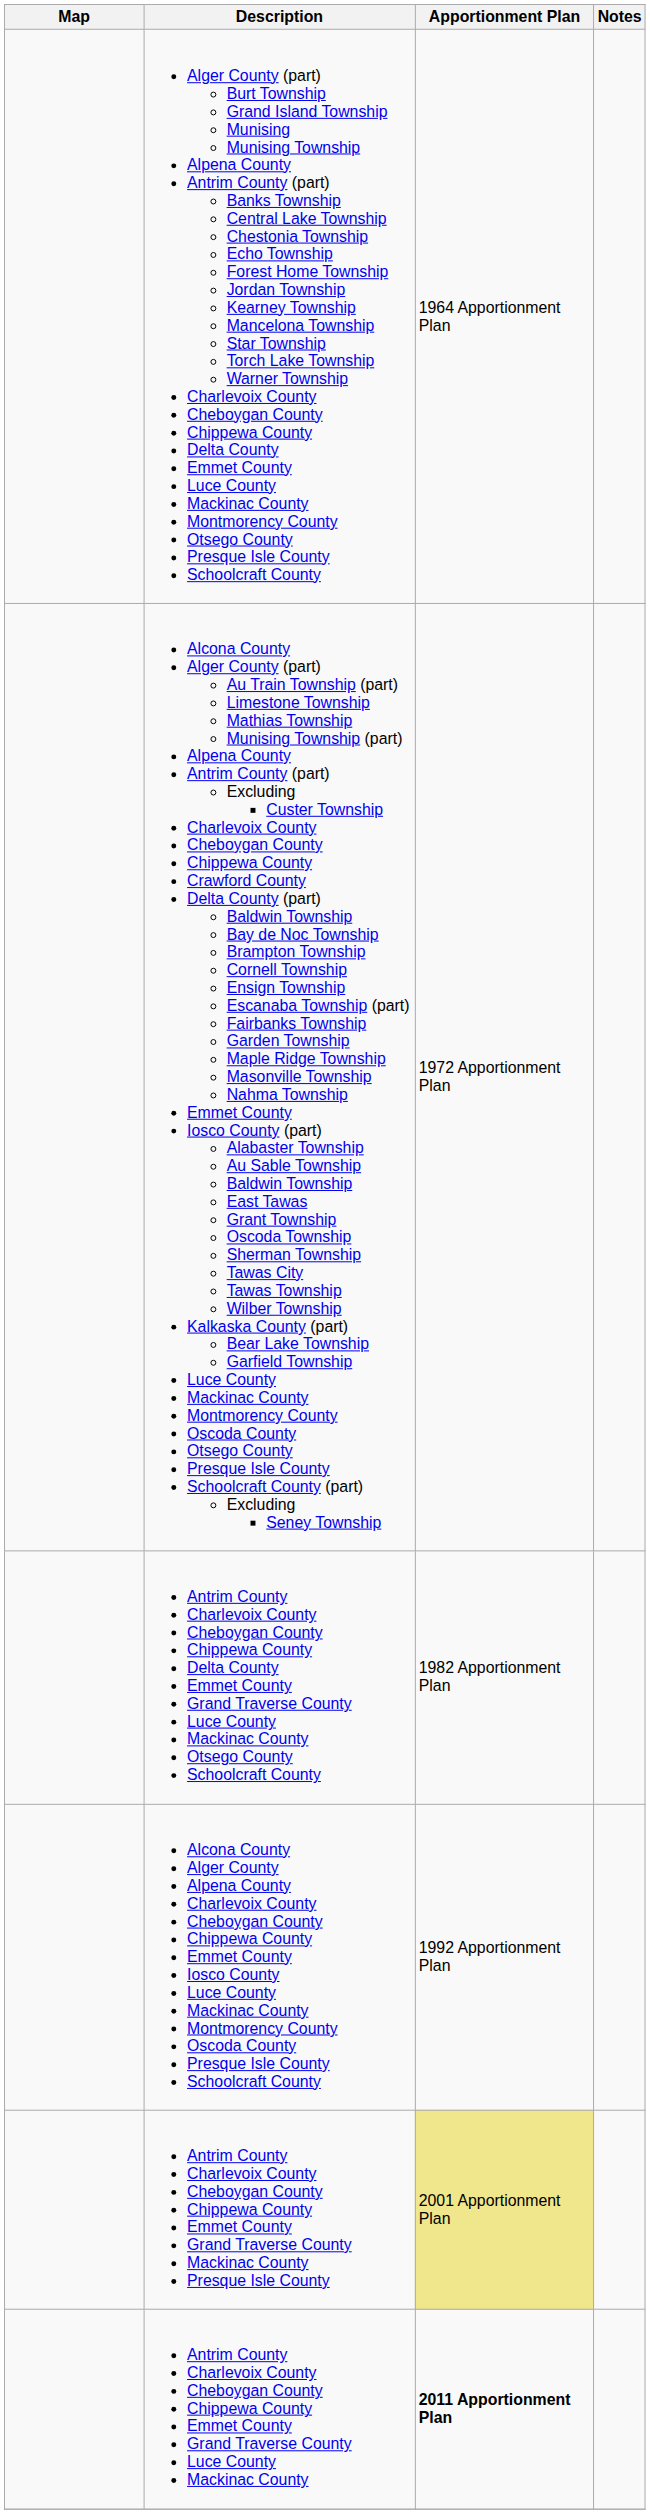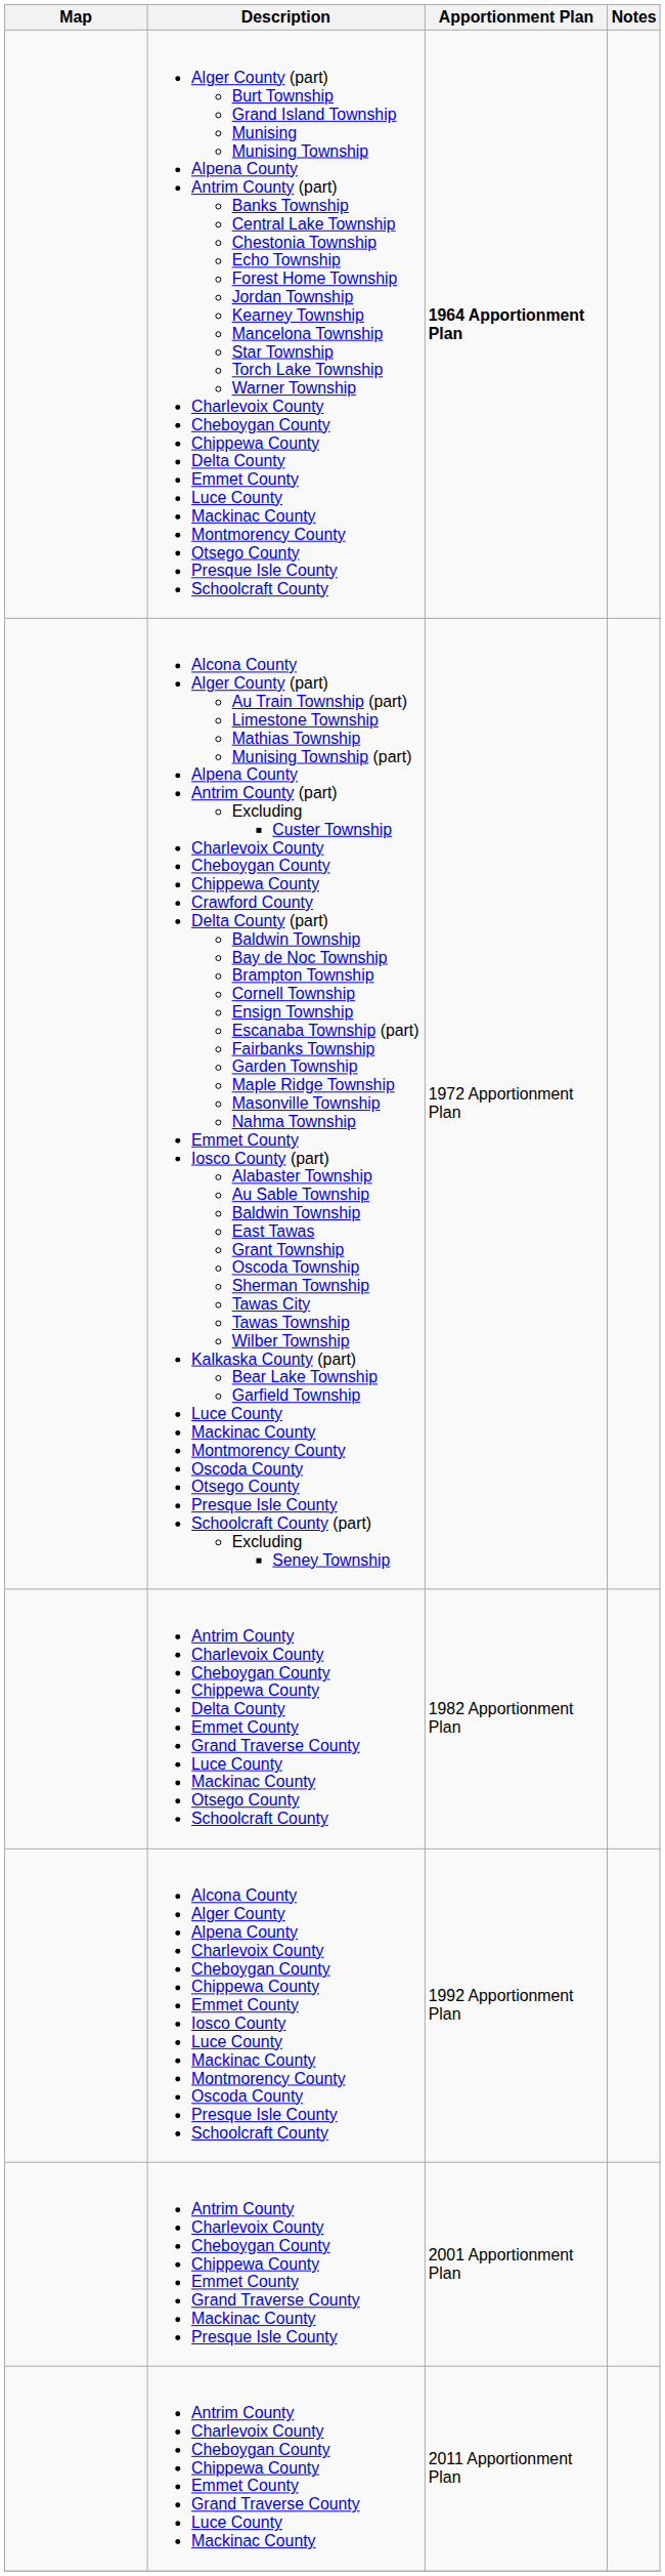 <table class="wikitable sortable">
 <tr>
 <th style="width:100pt;">Map</th>
 <th style="width:200pt;">Description</th>
 <th style="width:130pt;">Apportionment Plan</th>
 <th style="width:15pt;">Notes</th>
 </tr>
 <tr>
 <td></td>
 <td><br><ul><li><a href='#'>Alger County</a> (part)<ul><li><a href='#'>Burt Township</a></li><li><a href='#'>Grand Island Township</a></li><li><a href='#'>Munising</a></li><li><a href='#'>Munising Township</a></li></ul></li><li><a href='#'>Alpena County</a></li><li><a href='#'>Antrim County</a> (part)<ul><li><a href='#'>Banks Township</a></li><li><a href='#'>Central Lake Township</a></li><li><a href='#'>Chestonia Township</a></li><li><a href='#'>Echo Township</a></li><li><a href='#'>Forest Home Township</a></li><li><a href='#'>Jordan Township</a></li><li><a href='#'>Kearney Township</a></li><li><a href='#'>Mancelona Township</a></li><li><a href='#'>Star Township</a></li><li><a href='#'>Torch Lake Township</a></li><li><a href='#'>Warner Township</a></li></ul></li><li><a href='#'>Charlevoix County</a></li><li><a href='#'>Cheboygan County</a></li><li><a href='#'>Chippewa County</a></li><li><a href='#'>Delta County</a></li><li><a href='#'>Emmet County</a></li><li><a href='#'>Luce County</a></li><li><a href='#'>Mackinac County</a></li><li><a href='#'>Montmorency County</a></li><li><a href='#'>Otsego County</a></li><li><a href='#'>Presque Isle County</a></li><li><a href='#'>Schoolcraft County</a></li></ul></td>
-<td>1964 Apportionment Plan</td>
+<td><strong>1964 Apportionment Plan</strong></td>
 <td></td>
 </tr>
 <tr>
 <td></td>
 <td><br><ul><li><a href='#'>Alcona County</a></li><li><a href='#'>Alger County</a> (part)<ul><li><a href='#'>Au Train Township</a> (part)</li><li><a href='#'>Limestone Township</a></li><li><a href='#'>Mathias Township</a></li><li><a href='#'>Munising Township</a> (part)</li></ul></li><li><a href='#'>Alpena County</a></li><li><a href='#'>Antrim County</a> (part)<ul><li>Excluding<ul><li><a href='#'>Custer Township</a></li></ul></li></ul></li><li><a href='#'>Charlevoix County</a></li><li><a href='#'>Cheboygan County</a></li><li><a href='#'>Chippewa County</a></li><li><a href='#'>Crawford County</a></li><li><a href='#'>Delta County</a> (part)<ul><li><a href='#'>Baldwin Township</a></li><li><a href='#'>Bay de Noc Township</a></li><li><a href='#'>Brampton Township</a></li><li><a href='#'>Cornell Township</a></li><li><a href='#'>Ensign Township</a></li><li><a href='#'>Escanaba Township</a> (part)</li><li><a href='#'>Fairbanks Township</a></li><li><a href='#'>Garden Township</a></li><li><a href='#'>Maple Ridge Township</a></li><li><a href='#'>Masonville Township</a></li><li><a href='#'>Nahma Township</a></li></ul></li><li><a href='#'>Emmet County</a></li><li><a href='#'>Iosco County</a> (part)<ul><li><a href='#'>Alabaster Township</a></li><li><a href='#'>Au Sable Township</a></li><li><a href='#'>Baldwin Township</a></li><li><a href='#'>East Tawas</a></li><li><a href='#'>Grant Township</a></li><li><a href='#'>Oscoda Township</a></li><li><a href='#'>Sherman Township</a></li><li><a href='#'>Tawas City</a></li><li><a href='#'>Tawas Township</a></li><li><a href='#'>Wilber Township</a></li></ul></li><li><a href='#'>Kalkaska County</a> (part)<ul><li><a href='#'>Bear Lake Township</a></li><li><a href='#'>Garfield Township</a></li></ul></li><li><a href='#'>Luce County</a></li><li><a href='#'>Mackinac County</a></li><li><a href='#'>Montmorency County</a></li><li><a href='#'>Oscoda County</a></li><li><a href='#'>Otsego County</a></li><li><a href='#'>Presque Isle County</a></li><li><a href='#'>Schoolcraft County</a> (part)<ul><li>Excluding<ul><li><a href='#'>Seney Township</a></li></ul></li></ul></li></ul></td>
 <td>1972 Apportionment Plan</td>
 <td></td>
 </tr>
 <tr>
 <td></td>
 <td><br><ul><li><a href='#'>Antrim County</a></li><li><a href='#'>Charlevoix County</a></li><li><a href='#'>Cheboygan County</a></li><li><a href='#'>Chippewa County</a></li><li><a href='#'>Delta County</a></li><li><a href='#'>Emmet County</a></li><li><a href='#'>Grand Traverse County</a></li><li><a href='#'>Luce County</a></li><li><a href='#'>Mackinac County</a></li><li><a href='#'>Otsego County</a></li><li><a href='#'>Schoolcraft County</a></li></ul></td>
 <td>1982 Apportionment Plan</td>
 <td></td>
 </tr>
 <tr>
 <td></td>
 <td><br><ul><li><a href='#'>Alcona County</a></li><li><a href='#'>Alger County</a></li><li><a href='#'>Alpena County</a></li><li><a href='#'>Charlevoix County</a></li><li><a href='#'>Cheboygan County</a></li><li><a href='#'>Chippewa County</a></li><li><a href='#'>Emmet County</a></li><li><a href='#'>Iosco County</a></li><li><a href='#'>Luce County</a></li><li><a href='#'>Mackinac County</a></li><li><a href='#'>Montmorency County</a></li><li><a href='#'>Oscoda County</a></li><li><a href='#'>Presque Isle County</a></li><li><a href='#'>Schoolcraft County</a></li></ul></td>
 <td>1992 Apportionment Plan</td>
 <td></td>
 </tr>
 <tr>
 <td></td>
 <td><br><ul><li><a href='#'>Antrim County</a></li><li><a href='#'>Charlevoix County</a></li><li><a href='#'>Cheboygan County</a></li><li><a href='#'>Chippewa County</a></li><li><a href='#'>Emmet County</a></li><li><a href='#'>Grand Traverse County</a></li><li><a href='#'>Mackinac County</a></li><li><a href='#'>Presque Isle County</a></li></ul></td>
-<td style="background: khaki;">2001 Apportionment Plan</td>
+<td>2001 Apportionment Plan</td>
 <td></td>
 </tr>
 <tr>
 <td></td>
 <td><br><ul><li><a href='#'>Antrim County</a></li><li><a href='#'>Charlevoix County</a></li><li><a href='#'>Cheboygan County</a></li><li><a href='#'>Chippewa County</a></li><li><a href='#'>Emmet County</a></li><li><a href='#'>Grand Traverse County</a></li><li><a href='#'>Luce County</a></li><li><a href='#'>Mackinac County</a></li></ul></td>
-<td><strong>2011 Apportionment Plan</strong></td>
+<td>2011 Apportionment Plan</td>
 <td></td>
 </tr>
 <tr>
 </tr>
 </table>
